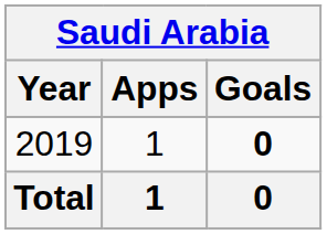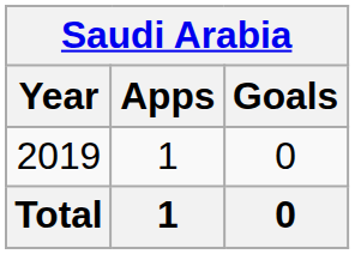 <table class="wikitable" style="text-align:center">
 <tr>
 <th colspan=3><a href='#'>Saudi Arabia</a></th>
 </tr>
 <tr>
 <th>Year</th>
 <th>Apps</th>
 <th>Goals</th>
 </tr>
 <tr>
 <td>2019</td>
 <td>1</td>
-<td><strong>0</strong></td>
+<td>0</td>
 </tr>
 <tr>
 <th>Total</th>
 <th>1</th>
 <th>0</th>
 </tr>
 </table>
